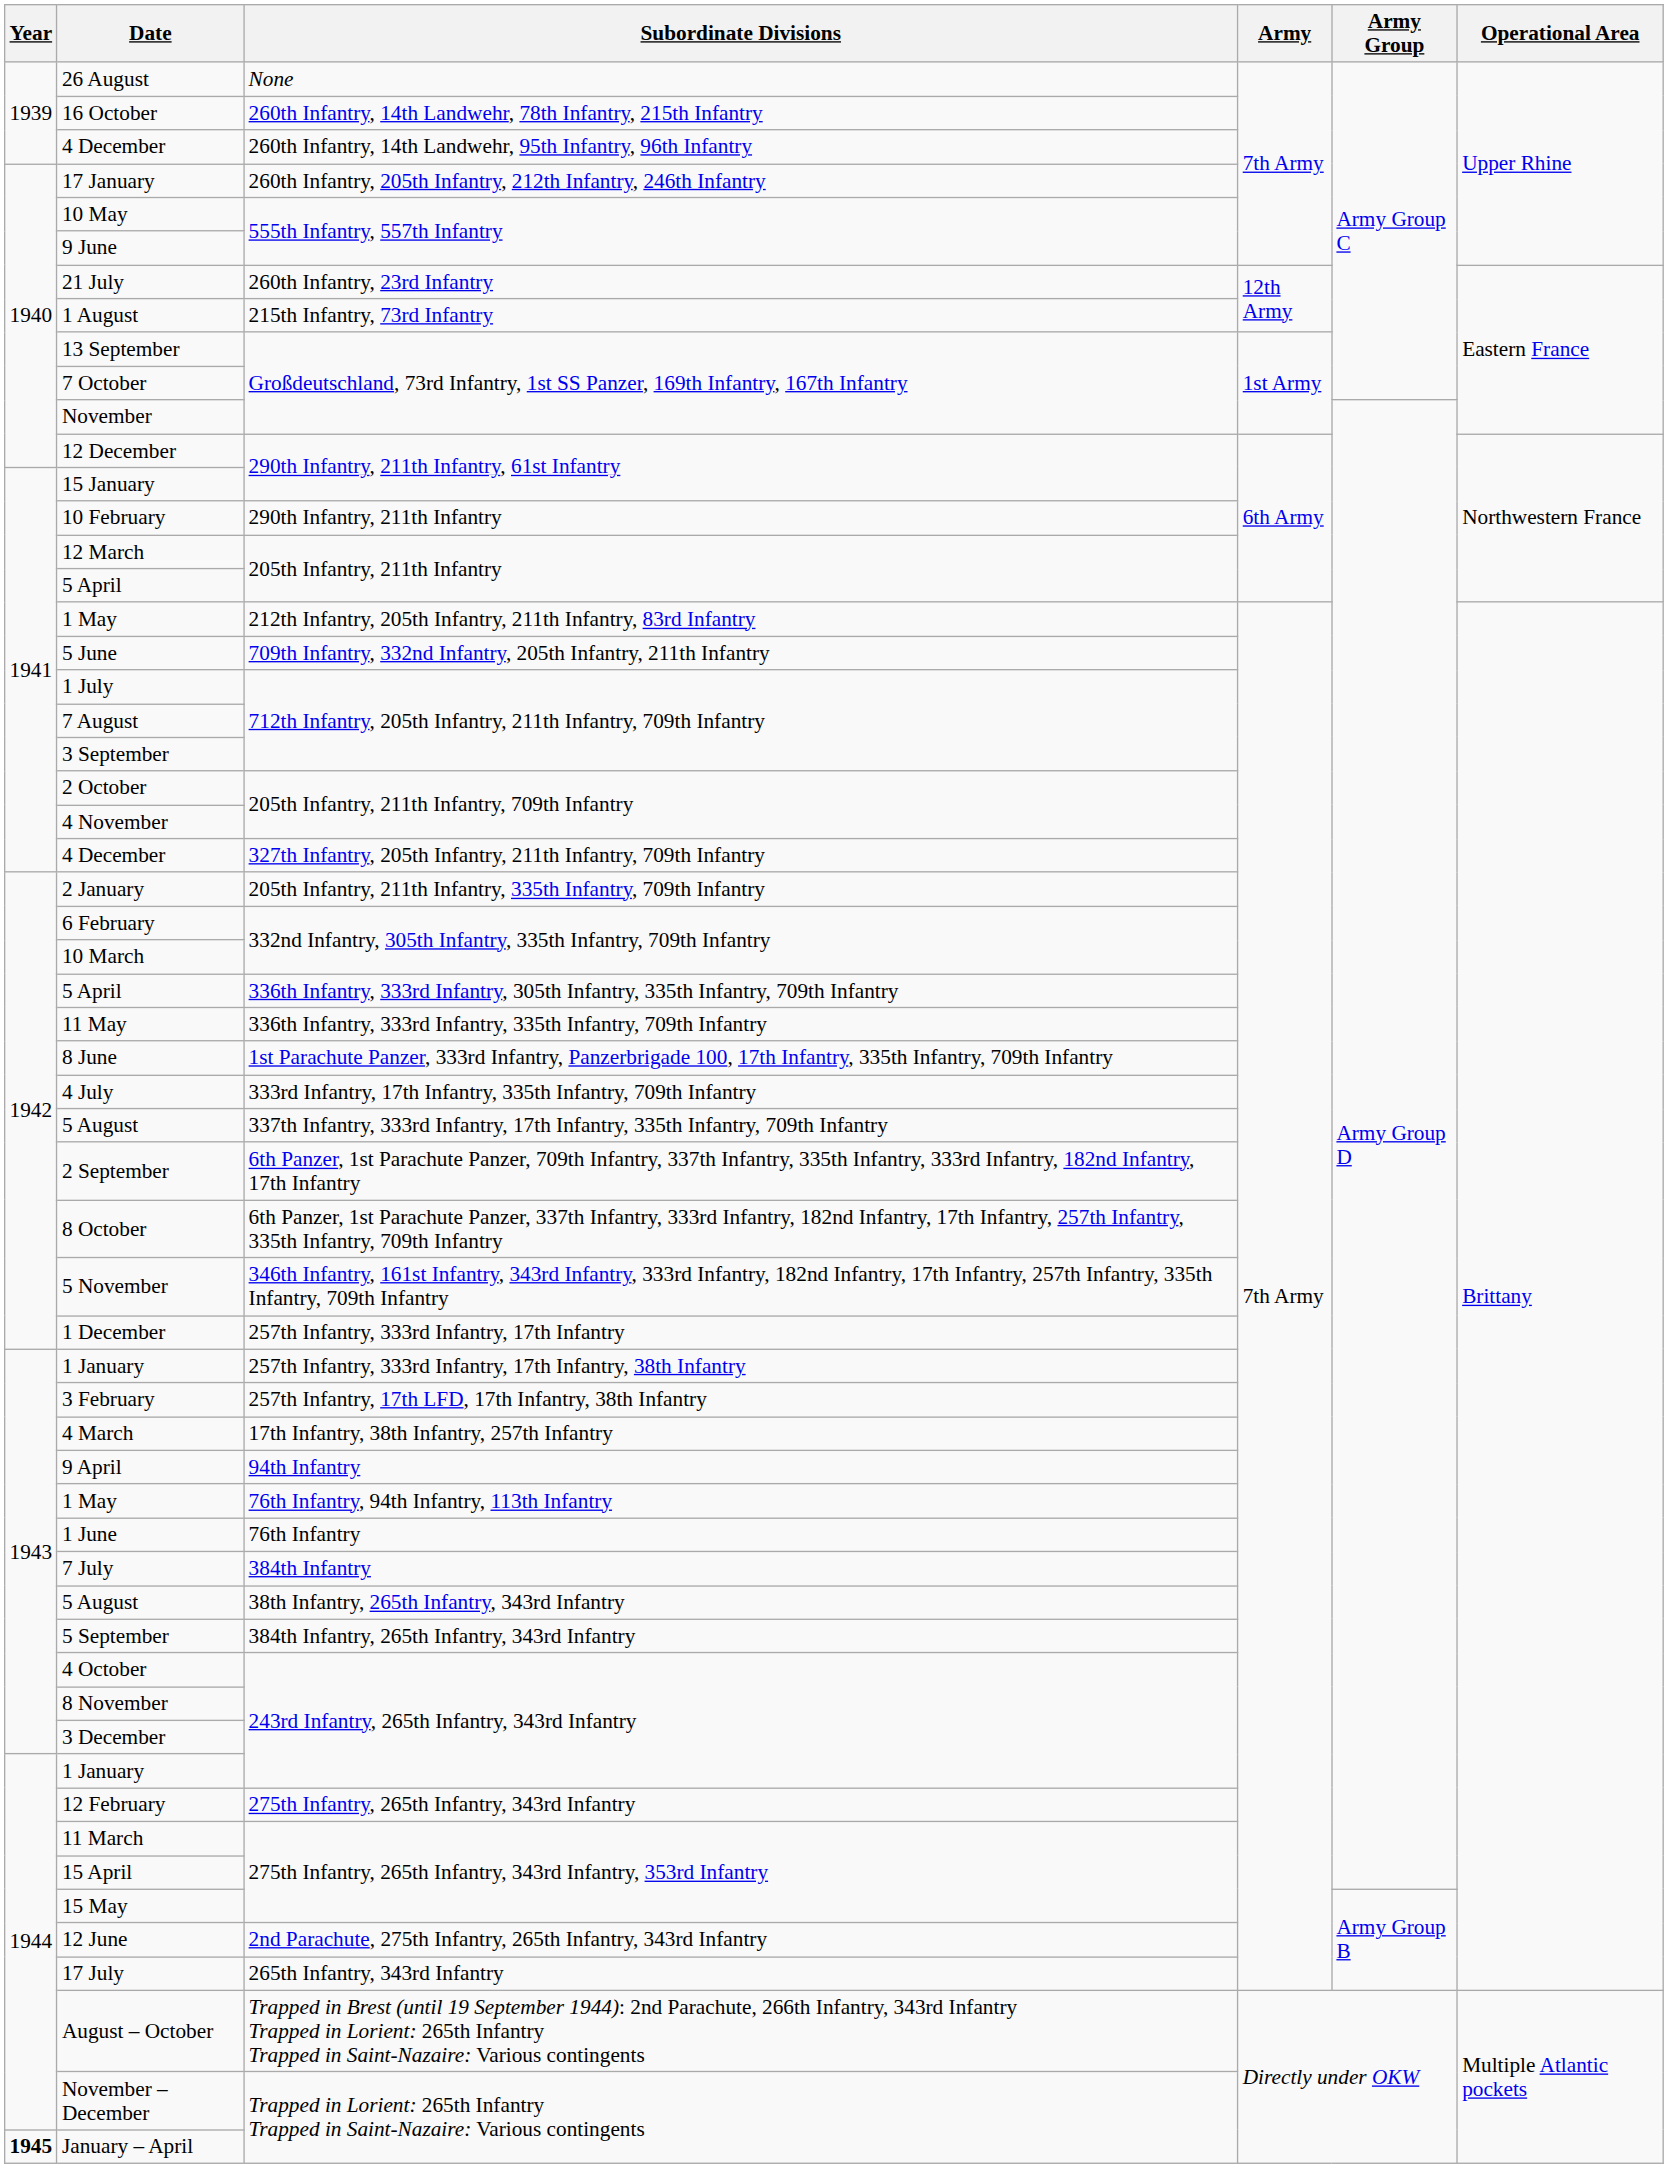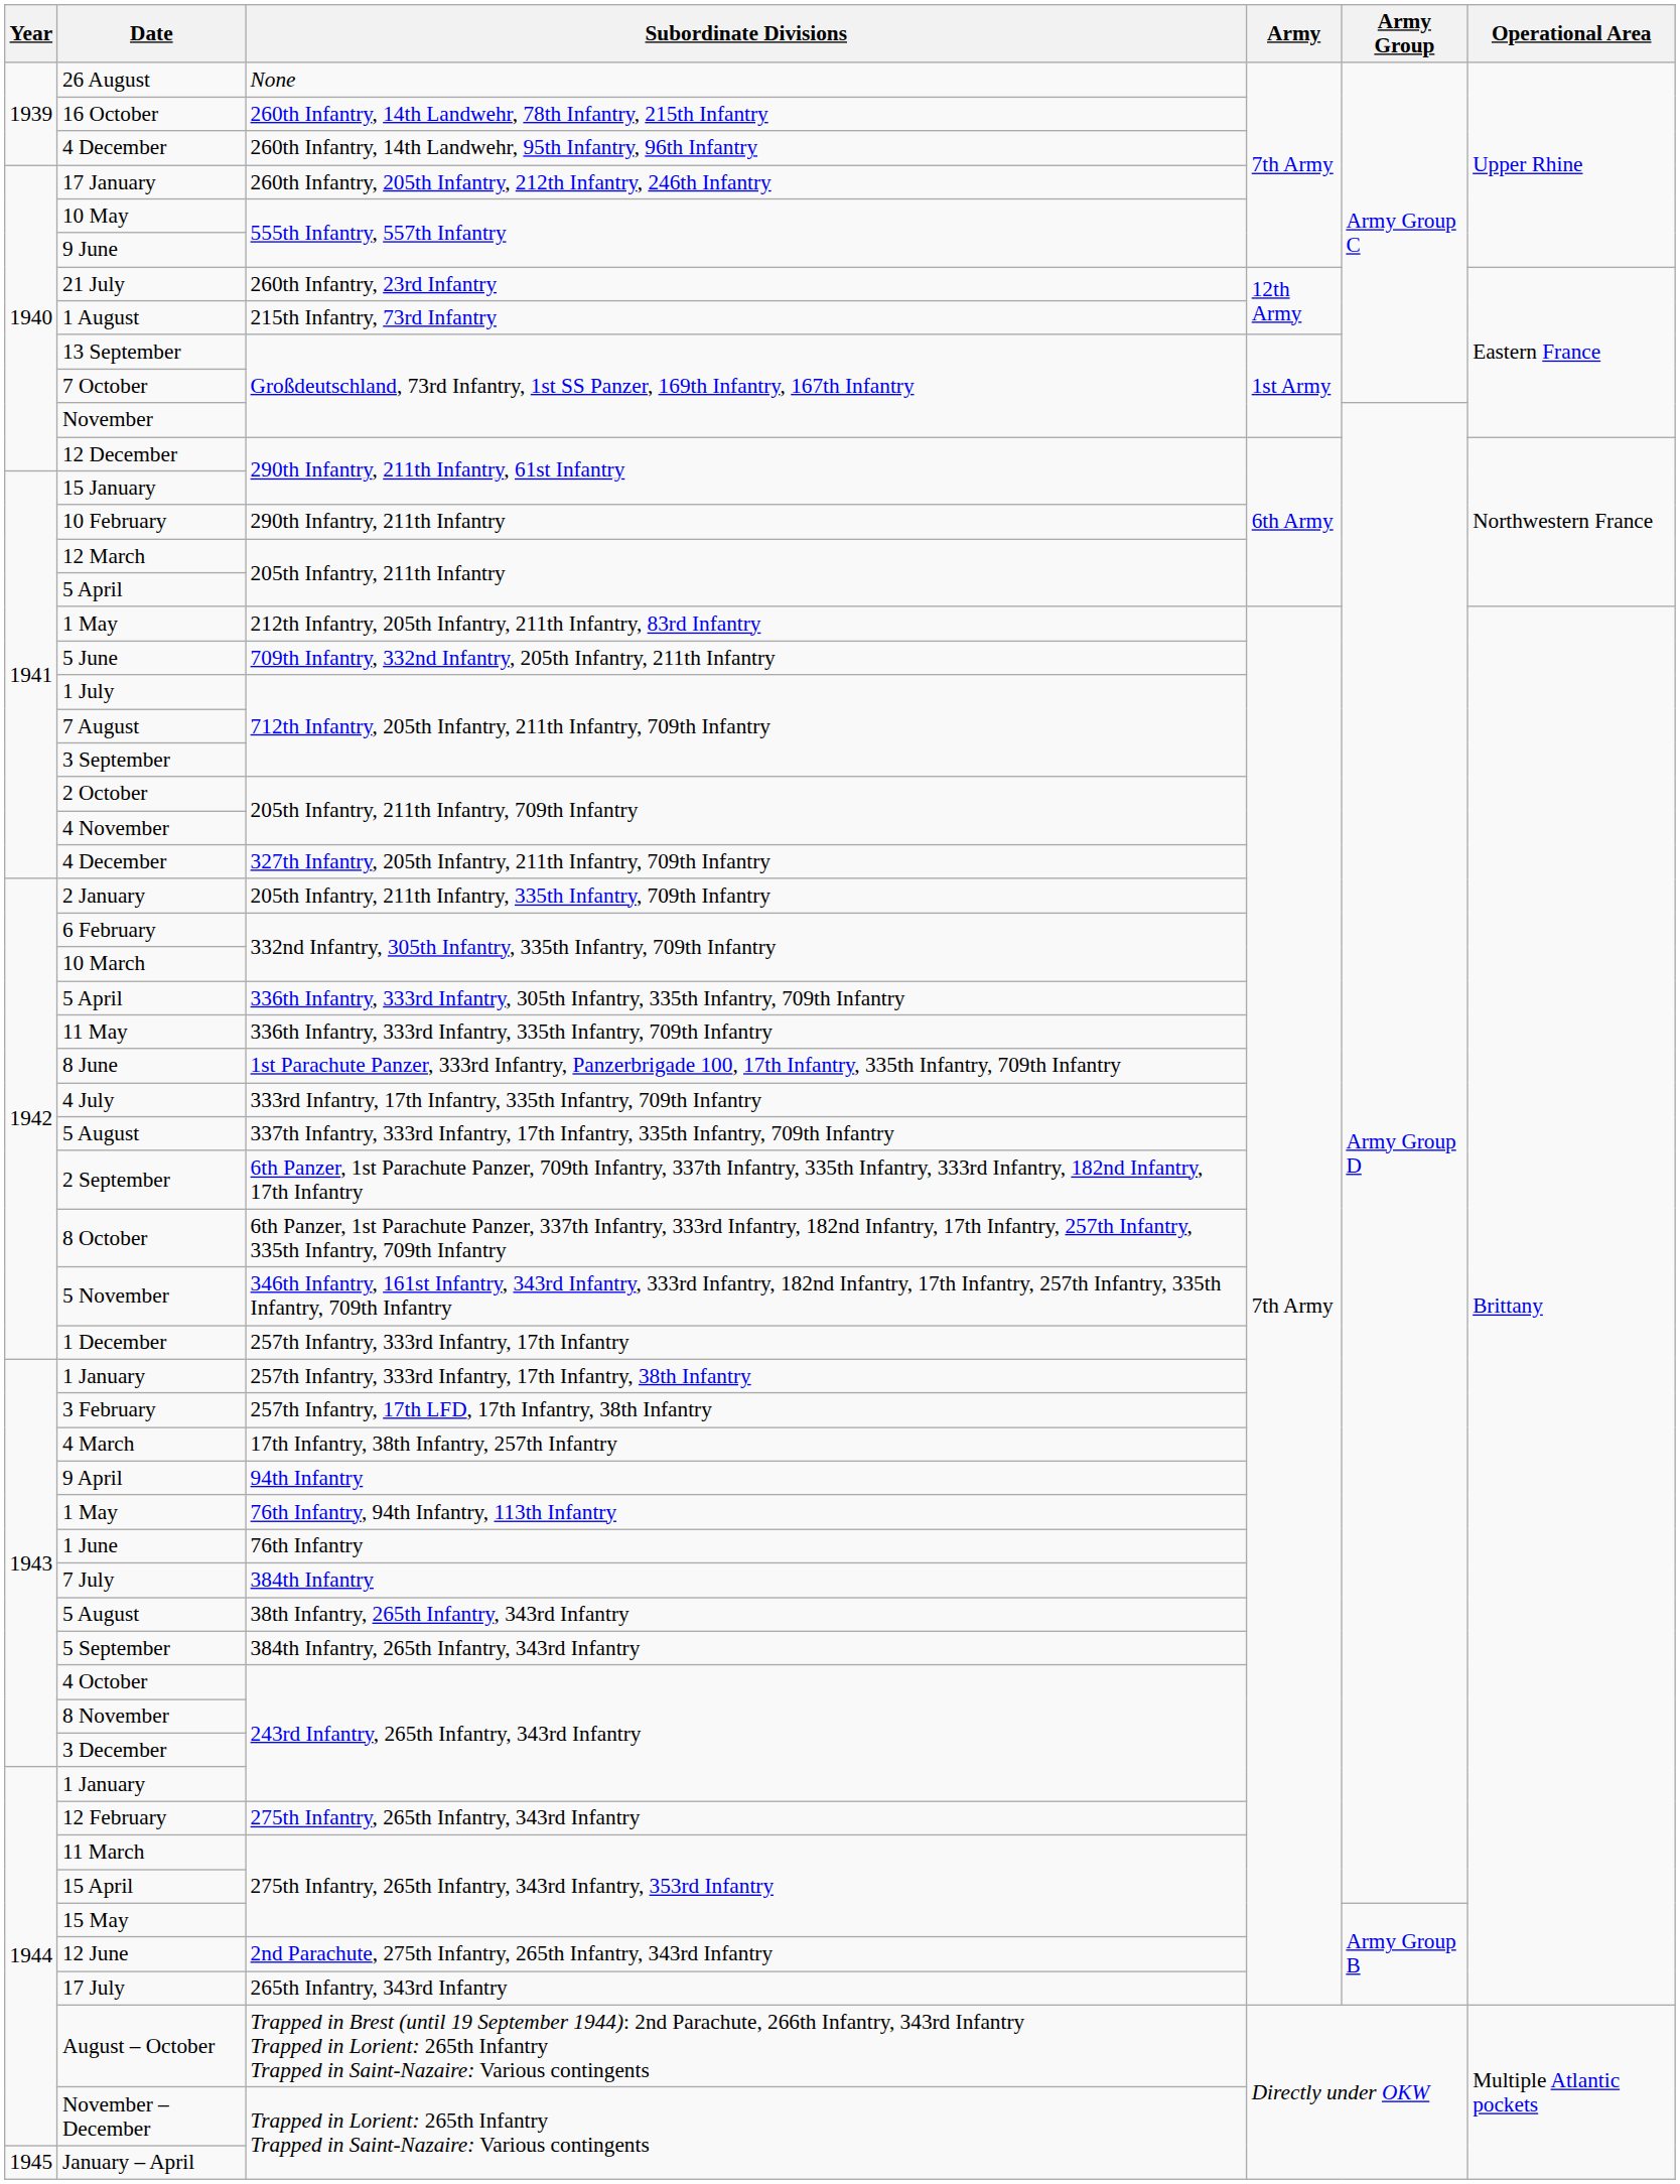 <table class="wikitable">
 <tr>
 <th><u>Year</u></th>
 <th><u>Date</u></th>
 <th><u>Subordinate Divisions</u></th>
 <th><u>Army</u></th>
 <th><u>Army Group</u></th>
 <th><u>Operational Area</u></th>
 </tr>
 <tr>
 <td rowspan="3">1939</td>
 <td>26 August</td>
 <td><em>None</em></td>
 <td rowspan="6"><a href='#'>7th Army</a></td>
 <td rowspan="10"><a href='#'>Army Group C</a></td>
 <td rowspan="6"><a href='#'>Upper Rhine</a></td>
 </tr>
 <tr>
 <td>16 October</td>
 <td><a href='#'>260th Infantry</a>, <a href='#'>14th Landwehr</a>, <a href='#'>78th Infantry</a>, <a href='#'>215th Infantry</a></td>
 </tr>
 <tr>
 <td>4 December</td>
 <td>260th Infantry, 14th Landwehr, <a href='#'>95th Infantry</a>, <a href='#'>96th Infantry</a></td>
 </tr>
 <tr>
 <td rowspan="9">1940</td>
 <td>17 January</td>
 <td>260th Infantry, <a href='#'>205th Infantry</a>, <a href='#'>212th Infantry</a>, <a href='#'>246th Infantry</a></td>
 </tr>
 <tr>
 <td>10 May</td>
 <td rowspan="2"><a href='#'>555th Infantry</a>, <a href='#'>557th Infantry</a></td>
 </tr>
 <tr>
 <td>9 June</td>
 </tr>
 <tr>
 <td>21 July</td>
 <td>260th Infantry, <a href='#'>23rd Infantry</a></td>
 <td rowspan="2"><a href='#'>12th Army</a></td>
 <td rowspan="5">Eastern <a href='#'>France</a></td>
 </tr>
 <tr>
 <td>1 August</td>
 <td>215th Infantry, <a href='#'>73rd Infantry</a></td>
 </tr>
 <tr>
 <td>13 September</td>
 <td rowspan="3"><a href='#'>Großdeutschland</a>, 73rd Infantry, <a href='#'>1st SS Panzer</a>, <a href='#'>169th Infantry</a>, <a href='#'>167th Infantry</a></td>
 <td rowspan="3"><a href='#'>1st Army</a></td>
 </tr>
 <tr>
 <td>7 October</td>
 </tr>
 <tr>
 <td>November</td>
 <td rowspan="42"><a href='#'>Army Group D</a></td>
 </tr>
 <tr>
 <td>12 December</td>
 <td rowspan="2"><a href='#'>290th Infantry</a>, <a href='#'>211th Infantry</a>, <a href='#'>61st Infantry</a></td>
 <td rowspan="5"><a href='#'>6th Army</a></td>
 <td rowspan="5">Northwestern France</td>
 </tr>
 <tr>
 <td rowspan="12">1941</td>
 <td>15 January</td>
 </tr>
 <tr>
 <td>10 February</td>
 <td>290th Infantry, 211th Infantry</td>
 </tr>
 <tr>
 <td>12 March</td>
 <td rowspan="2">205th Infantry, 211th Infantry</td>
 </tr>
 <tr>
 <td>5 April</td>
 </tr>
 <tr>
 <td>1 May</td>
 <td>212th Infantry, 205th Infantry, 211th Infantry, <a href='#'>83rd Infantry</a></td>
 <td rowspan="39">7th Army</td>
 <td rowspan="39"><a href='#'>Brittany</a></td>
 </tr>
 <tr>
 <td>5 June</td>
 <td><a href='#'>709th Infantry</a>, <a href='#'>332nd Infantry</a>, 205th Infantry, 211th Infantry</td>
 </tr>
 <tr>
 <td>1 July</td>
 <td rowspan="3"><a href='#'>712th Infantry</a>, 205th Infantry, 211th Infantry, 709th Infantry</td>
 </tr>
 <tr>
 <td>7 August</td>
 </tr>
 <tr>
 <td>3 September</td>
 </tr>
 <tr>
 <td>2 October</td>
 <td rowspan="2">205th Infantry, 211th Infantry, 709th Infantry</td>
 </tr>
 <tr>
 <td>4 November</td>
 </tr>
 <tr>
 <td>4 December</td>
 <td><a href='#'>327th Infantry</a>, 205th Infantry, 211th Infantry, 709th Infantry</td>
 </tr>
 <tr>
 <td rowspan="12">1942</td>
 <td>2 January</td>
 <td>205th Infantry, 211th Infantry, <a href='#'>335th Infantry</a>, 709th Infantry</td>
 </tr>
 <tr>
 <td>6 February</td>
 <td rowspan="2">332nd Infantry, <a href='#'>305th Infantry</a>, 335th Infantry, 709th Infantry</td>
 </tr>
 <tr>
 <td>10 March</td>
 </tr>
 <tr>
 <td>5 April</td>
 <td><a href='#'>336th Infantry</a>, <a href='#'>333rd Infantry</a>, 305th Infantry, 335th Infantry, 709th Infantry</td>
 </tr>
 <tr>
 <td>11 May</td>
 <td>336th Infantry, 333rd Infantry, 335th Infantry, 709th Infantry</td>
 </tr>
 <tr>
 <td>8 June</td>
 <td><a href='#'>1st Parachute Panzer</a>, 333rd Infantry, <a href='#'>Panzerbrigade 100</a>, <a href='#'>17th Infantry</a>, 335th Infantry, 709th Infantry</td>
 </tr>
 <tr>
 <td>4 July</td>
 <td>333rd Infantry, 17th Infantry, 335th Infantry, 709th Infantry</td>
 </tr>
 <tr>
 <td>5 August</td>
 <td>337th Infantry, 333rd Infantry, 17th Infantry, 335th Infantry, 709th Infantry</td>
 </tr>
 <tr>
 <td>2 September</td>
 <td><a href='#'>6th Panzer</a>, 1st Parachute Panzer, 709th Infantry, 337th Infantry, 335th Infantry, 333rd Infantry, <a href='#'>182nd Infantry</a>, 17th Infantry</td>
 </tr>
 <tr>
 <td>8 October</td>
 <td>6th Panzer, 1st Parachute Panzer, 337th Infantry, 333rd Infantry, 182nd Infantry, 17th Infantry, <a href='#'>257th Infantry</a>, 335th Infantry, 709th Infantry</td>
 </tr>
 <tr>
 <td>5 November</td>
 <td><a href='#'>346th Infantry</a>, <a href='#'>161st Infantry</a>, <a href='#'>343rd Infantry</a>, 333rd Infantry, 182nd Infantry, 17th Infantry, 257th Infantry, 335th Infantry, 709th Infantry</td>
 </tr>
 <tr>
 <td>1 December</td>
 <td>257th Infantry, 333rd Infantry, 17th Infantry</td>
 </tr>
 <tr>
 <td rowspan="12">1943</td>
 <td>1 January</td>
 <td>257th Infantry, 333rd Infantry, 17th Infantry, <a href='#'>38th Infantry</a></td>
 </tr>
 <tr>
 <td>3 February</td>
 <td>257th Infantry, <a href='#'>17th LFD</a>, 17th Infantry, 38th Infantry</td>
 </tr>
 <tr>
 <td>4 March</td>
 <td>17th Infantry, 38th Infantry, 257th Infantry</td>
 </tr>
 <tr>
 <td>9 April</td>
 <td><a href='#'>94th Infantry</a></td>
 </tr>
 <tr>
 <td>1 May</td>
 <td><a href='#'>76th Infantry</a>, 94th Infantry, <a href='#'>113th Infantry</a></td>
 </tr>
 <tr>
 <td>1 June</td>
 <td>76th Infantry</td>
 </tr>
 <tr>
 <td>7 July</td>
 <td><a href='#'>384th Infantry</a></td>
 </tr>
 <tr>
 <td>5 August</td>
 <td>38th Infantry, <a href='#'>265th Infantry</a>, 343rd Infantry</td>
 </tr>
 <tr>
 <td>5 September</td>
 <td>384th Infantry, 265th Infantry, 343rd Infantry</td>
 </tr>
 <tr>
 <td>4 October</td>
 <td rowspan="4"><a href='#'>243rd Infantry</a>, 265th Infantry, 343rd Infantry</td>
 </tr>
 <tr>
 <td>8 November</td>
 </tr>
 <tr>
 <td>3 December</td>
 </tr>
 <tr>
 <td rowspan="9">1944</td>
 <td>1 January</td>
 </tr>
 <tr>
 <td>12 February</td>
 <td><a href='#'>275th Infantry</a>, 265th Infantry, 343rd Infantry</td>
 </tr>
 <tr>
 <td>11 March</td>
 <td rowspan="3">275th Infantry, 265th Infantry, 343rd Infantry, <a href='#'>353rd Infantry</a></td>
 </tr>
 <tr>
 <td>15 April</td>
 </tr>
 <tr>
 <td>15 May</td>
 <td rowspan="3"><a href='#'>Army Group B</a></td>
 </tr>
 <tr>
 <td>12 June</td>
 <td><a href='#'>2nd Parachute</a>, 275th Infantry, 265th Infantry, 343rd Infantry</td>
 </tr>
 <tr>
 <td>17 July</td>
 <td>265th Infantry, 343rd Infantry</td>
 </tr>
 <tr>
 <td>August – October</td>
 <td><em>Trapped in Brest (until 19 September 1944)</em>: 2nd Parachute, 266th Infantry, 343rd Infantry<br><em>Trapped in Lorient:</em> 265th Infantry<br><em>Trapped in Saint-Nazaire:</em> Various contingents</td>
 <td colspan="2" rowspan="3"><em>Directly under <a href='#'>OKW</a></em></td>
 <td rowspan="3">Multiple <a href='#'>Atlantic pockets</a></td>
 </tr>
 <tr>
 <td>November – December</td>
 <td rowspan="2"><em>Trapped in Lorient:</em> 265th Infantry<br><em>Trapped in Saint-Nazaire:</em> Various contingents</td>
 </tr>
 <tr>
-<td><strong>1945</strong></td>
+<td>1945</td>
 <td>January – April</td>
 </tr>
 </table>
